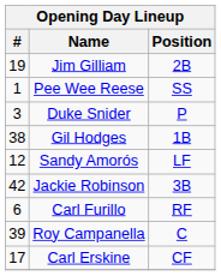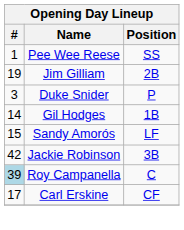 <table class="wikitable" style="text-align:center">
 <tr>
 <th colspan="3">Opening Day Lineup</th>
 </tr>
 <tr>
 <th>#</th>
 <th>Name</th>
 <th>Position</th>
 </tr>
 <tr>
+<td>1</td>
+<td><a href='#'>Pee Wee Reese</a></td>
+<td><a href='#'>SS</a></td>
+</tr>
+<tr>
 <td>19</td>
 <td><a href='#'>Jim Gilliam</a></td>
 <td><a href='#'>2B</a></td>
-</tr>
-<tr>
-<td>1</td>
-<td><a href='#'>Pee Wee Reese</a></td>
-<td><a href='#'>SS</a></td>
 </tr>
 <tr>
 <td>3</td>
 <td><a href='#'>Duke Snider</a></td>
 <td><a href='#'>P</a></td>
 </tr>
 <tr>
-<td>38</td>
+<td>14</td>
 <td><a href='#'>Gil Hodges</a></td>
 <td><a href='#'>1B</a></td>
 </tr>
 <tr>
-<td>12</td>
+<td>15</td>
 <td><a href='#'>Sandy Amorós</a></td>
 <td><a href='#'>LF</a></td>
 </tr>
 <tr>
 <td>42</td>
 <td><a href='#'>Jackie Robinson</a></td>
 <td><a href='#'>3B</a></td>
 </tr>
 <tr>
-<td>6</td>
-<td><a href='#'>Carl Furillo</a></td>
-<td><a href='#'>RF</a></td>
-</tr>
-<tr>
-<td>39</td>
+<td style="background: lightblue;">39</td>
 <td><a href='#'>Roy Campanella</a></td>
 <td><a href='#'>C</a></td>
 </tr>
 <tr>
 <td>17</td>
 <td><a href='#'>Carl Erskine</a></td>
 <td><a href='#'>CF</a></td>
 </tr>
 <tr>
 </tr>
 </table>
